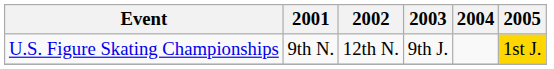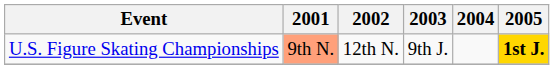 <table class="wikitable">
 <tr>
 <th>Event</th>
 <th>2001</th>
 <th>2002</th>
 <th>2003</th>
 <th>2004</th>
 <th>2005</th>
 </tr>
 <tr>
 <td><a href='#'>U.S. Figure Skating Championships</a></td>
-<td align="center">9th N.</td>
+<td align="center" style="background: lightsalmon;">9th N.</td>
 <td align="center">12th N.</td>
 <td align="center">9th J.</td>
 <td></td>
-<td align="center" bgcolor="gold">1st J.</td>
+<td align="center" bgcolor="gold"><strong>1st J.</strong></td>
 </tr>
 <tr>
 </tr>
 </table>
